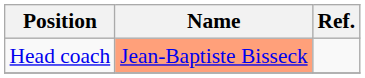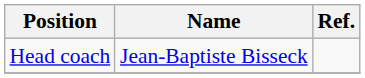 <table class="wikitable">
 <tr>
 <th>Position</th>
 <th>Name</th>
 <th>Ref.</th>
 </tr>
 <tr>
 <td><a href='#'>Head coach</a></td>
-<td style="background: lightsalmon;"> <a href='#'>Jean-Baptiste Bisseck</a></td>
+<td> <a href='#'>Jean-Baptiste Bisseck</a></td>
 <td></td>
 </tr>
 <tr>
 </tr>
 </table>
